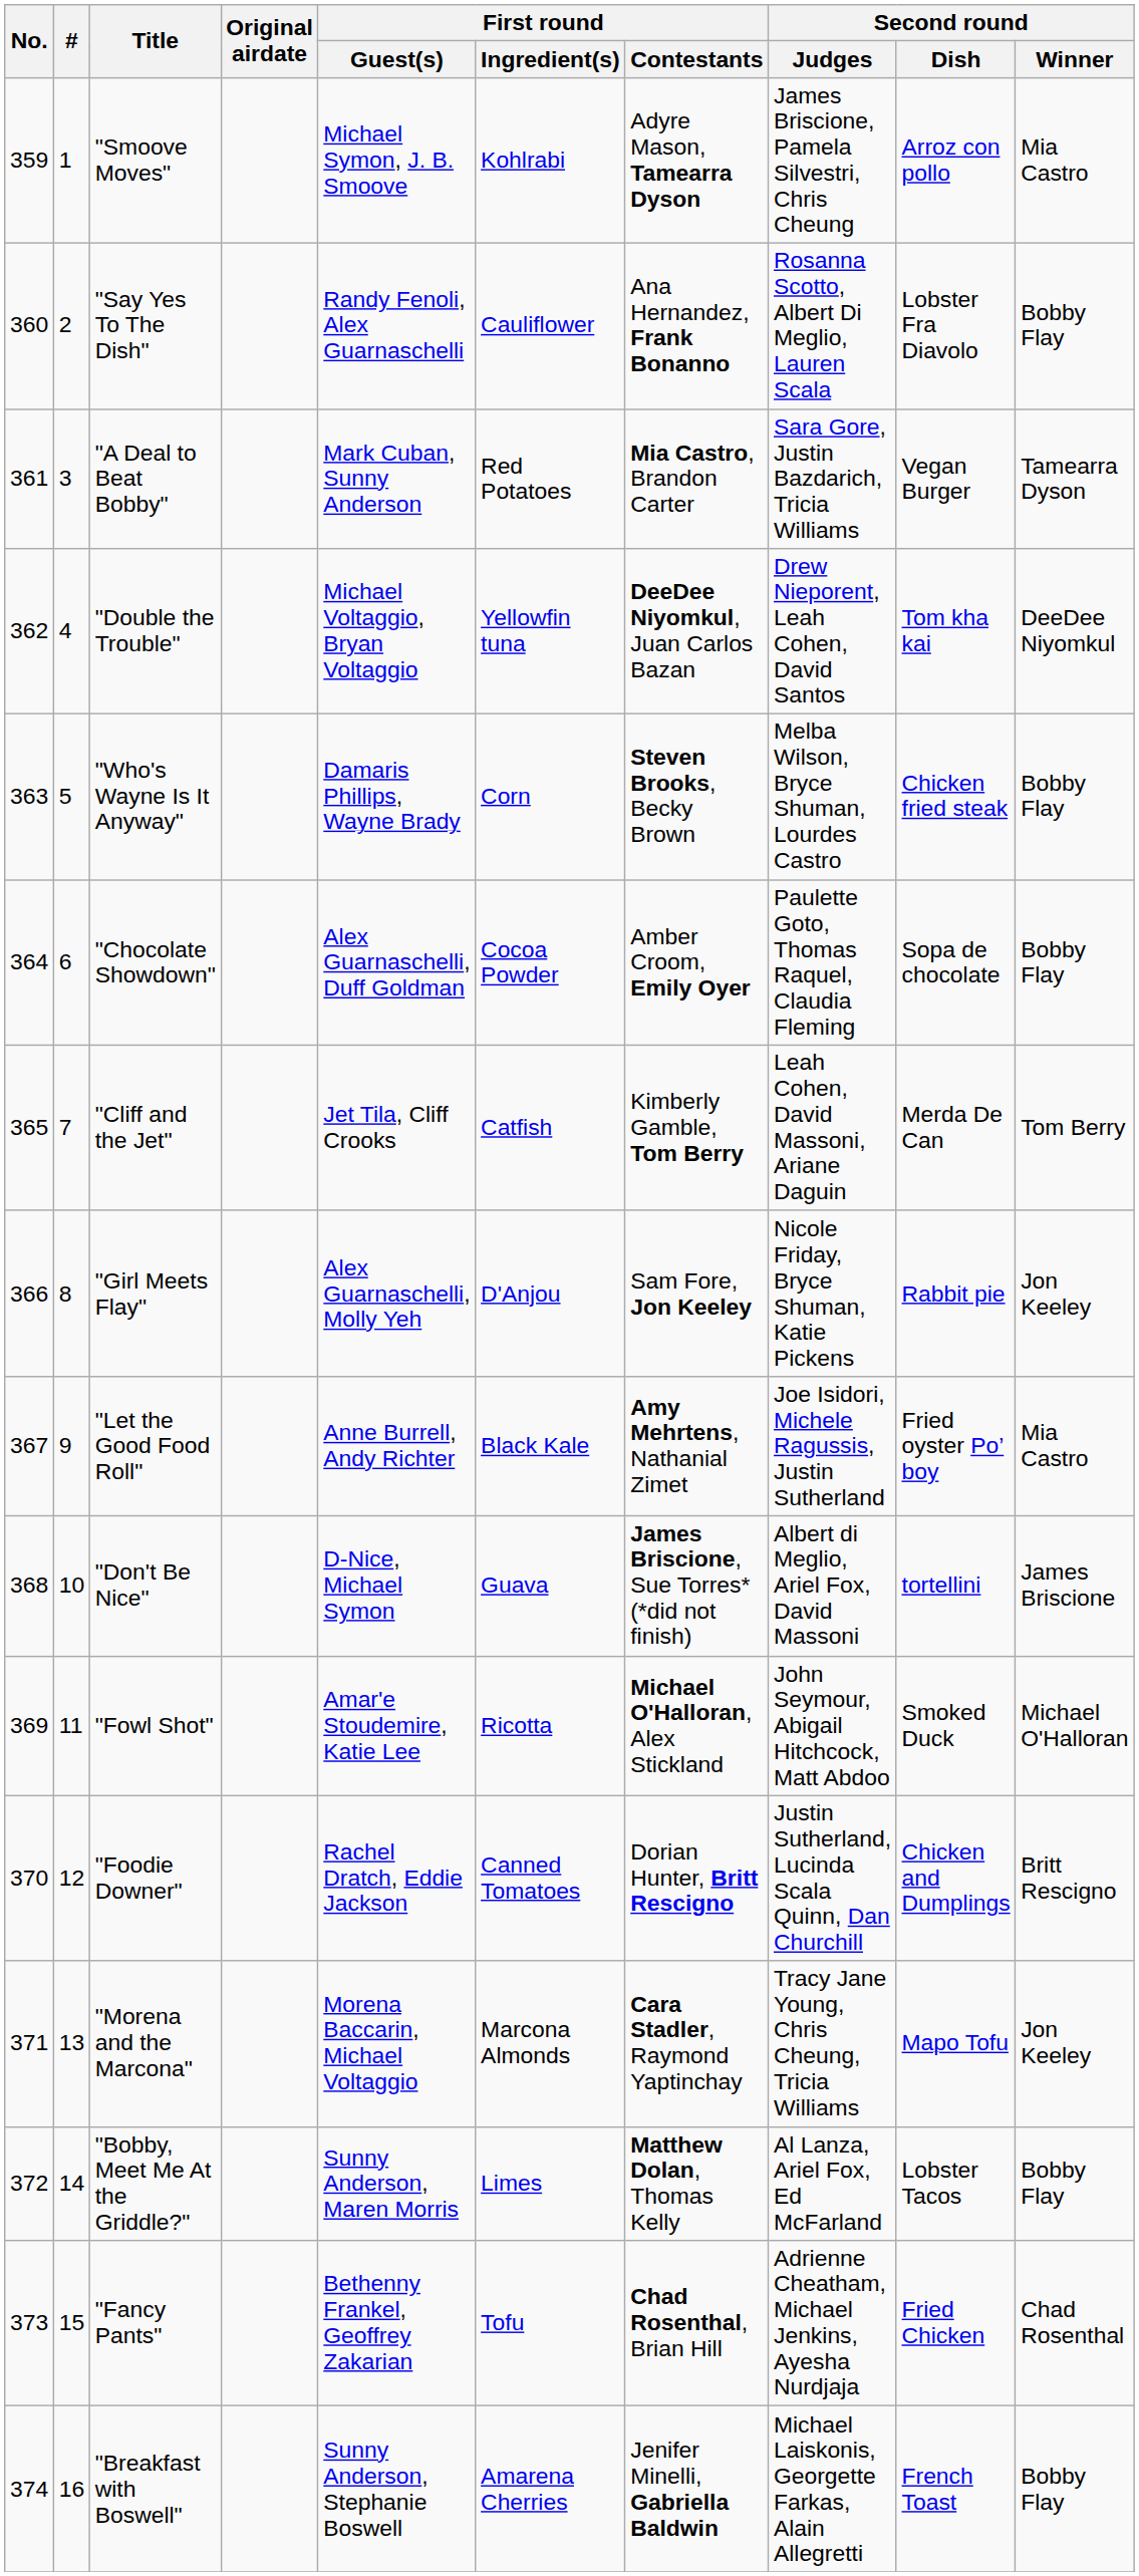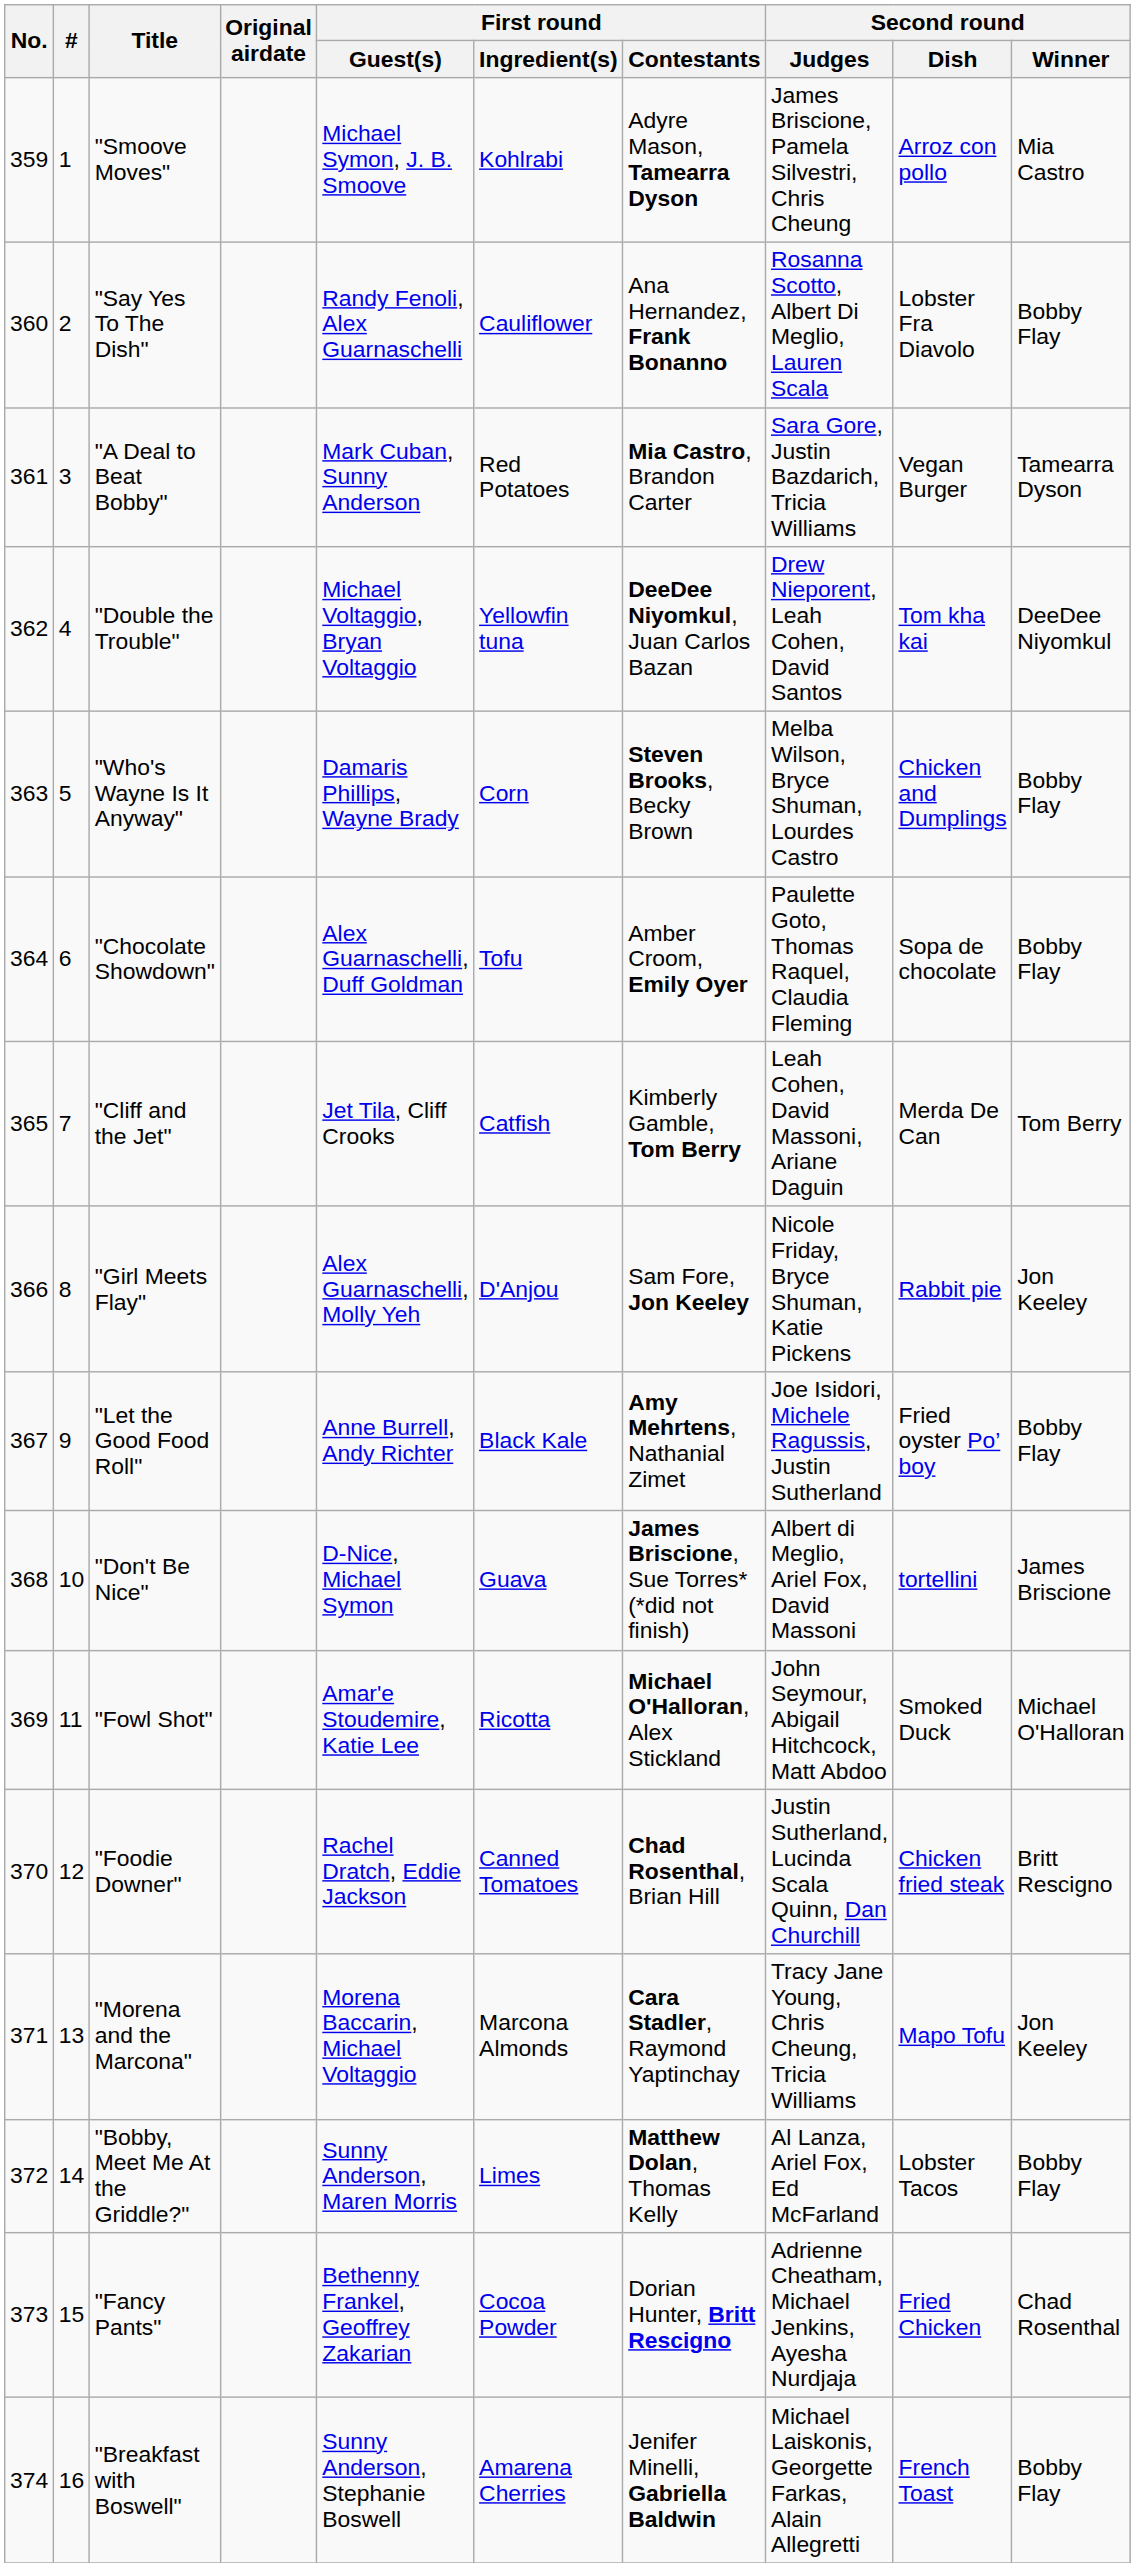 <table class="wikitable">
 <tr>
 <th rowspan="2">No.</th>
 <th rowspan="2">#</th>
 <th rowspan="2">Title</th>
 <th rowspan="2">Original airdate</th>
 <th colspan="3">First round</th>
 <th colspan="3">Second round</th>
 </tr>
 <tr>
 <th>Guest(s)</th>
 <th>Ingredient(s)</th>
 <th>Contestants</th>
 <th>Judges</th>
 <th>Dish</th>
 <th>Winner</th>
 </tr>
 <tr>
 <td>359</td>
 <td>1</td>
 <td>"Smoove Moves"</td>
 <td></td>
 <td><a href='#'>Michael Symon</a>, <a href='#'>J. B. Smoove</a></td>
 <td><a href='#'>Kohlrabi</a></td>
 <td>Adyre Mason, <strong>Tamearra Dyson</strong></td>
 <td>James Briscione, Pamela Silvestri, Chris Cheung</td>
 <td><a href='#'>Arroz con pollo</a></td>
 <td>Mia Castro</td>
 </tr>
 <tr>
 <td>360</td>
 <td>2</td>
 <td>"Say Yes To The Dish"</td>
 <td></td>
 <td><a href='#'>Randy Fenoli</a>, <a href='#'>Alex Guarnaschelli</a></td>
 <td><a href='#'>Cauliflower</a></td>
 <td>Ana Hernandez, <strong>Frank Bonanno</strong></td>
 <td><a href='#'>Rosanna Scotto</a>, Albert Di Meglio, <a href='#'>Lauren Scala</a></td>
 <td>Lobster Fra Diavolo</td>
 <td>Bobby Flay</td>
 </tr>
 <tr>
 <td>361</td>
 <td>3</td>
 <td>"A Deal to Beat Bobby"</td>
 <td></td>
 <td><a href='#'>Mark Cuban</a>, <a href='#'>Sunny Anderson</a></td>
 <td>Red Potatoes</td>
 <td><strong>Mia Castro</strong>, Brandon Carter</td>
 <td><a href='#'>Sara Gore</a>, Justin Bazdarich, Tricia Williams</td>
 <td>Vegan Burger</td>
 <td>Tamearra Dyson</td>
 </tr>
 <tr>
 <td>362</td>
 <td>4</td>
 <td>"Double the Trouble"</td>
 <td></td>
 <td><a href='#'>Michael Voltaggio</a>, <a href='#'>Bryan Voltaggio</a></td>
 <td><a href='#'>Yellowfin tuna</a></td>
 <td><strong>DeeDee Niyomkul</strong>, Juan Carlos Bazan</td>
 <td><a href='#'>Drew Nieporent</a>, Leah Cohen, David Santos</td>
 <td><a href='#'>Tom kha kai</a></td>
 <td>DeeDee Niyomkul</td>
 </tr>
 <tr>
 <td>363</td>
 <td>5</td>
 <td>"Who's Wayne Is It Anyway"</td>
 <td></td>
 <td><a href='#'>Damaris Phillips</a>, <a href='#'>Wayne Brady</a></td>
 <td><a href='#'>Corn</a></td>
 <td><strong>Steven Brooks</strong>, Becky Brown</td>
 <td>Melba Wilson, Bryce Shuman, Lourdes Castro</td>
-<td><a href='#'>Chicken fried steak</a></td>
+<td><a href='#'>Chicken and Dumplings</a></td>
 <td>Bobby Flay</td>
 </tr>
 <tr>
 <td>364</td>
 <td>6</td>
 <td>"Chocolate Showdown"</td>
 <td></td>
 <td><a href='#'>Alex Guarnaschelli</a>, <a href='#'>Duff Goldman</a></td>
-<td><a href='#'>Cocoa Powder</a></td>
+<td><a href='#'>Tofu</a></td>
 <td>Amber Croom, <strong>Emily Oyer</strong></td>
 <td>Paulette Goto, Thomas Raquel, Claudia Fleming</td>
 <td>Sopa de chocolate</td>
 <td>Bobby Flay</td>
 </tr>
 <tr>
 <td>365</td>
 <td>7</td>
 <td>"Cliff and the Jet"</td>
 <td></td>
 <td><a href='#'>Jet Tila</a>, Cliff Crooks</td>
 <td><a href='#'>Catfish</a></td>
 <td>Kimberly Gamble, <strong>Tom Berry</strong></td>
 <td>Leah Cohen, David Massoni, Ariane Daguin</td>
 <td>Merda De Can</td>
 <td>Tom Berry</td>
 </tr>
 <tr>
 <td>366</td>
 <td>8</td>
 <td>"Girl Meets Flay"</td>
 <td></td>
 <td><a href='#'>Alex Guarnaschelli</a>, <a href='#'>Molly Yeh</a></td>
 <td><a href='#'>D'Anjou</a></td>
 <td>Sam Fore, <strong>Jon Keeley</strong></td>
 <td>Nicole Friday, Bryce Shuman, Katie Pickens</td>
 <td><a href='#'>Rabbit pie</a></td>
 <td>Jon Keeley</td>
 </tr>
 <tr>
 <td>367</td>
 <td>9</td>
 <td>"Let the Good Food Roll"</td>
 <td></td>
 <td><a href='#'>Anne Burrell</a>, <a href='#'>Andy Richter</a></td>
 <td><a href='#'>Black Kale</a></td>
 <td><strong>Amy Mehrtens</strong>, Nathanial Zimet</td>
 <td>Joe Isidori, <a href='#'>Michele Ragussis</a>, Justin Sutherland</td>
 <td>Fried oyster <a href='#'>Po’ boy</a></td>
-<td>Mia Castro</td>
+<td>Bobby Flay</td>
 </tr>
 <tr>
 <td>368</td>
 <td>10</td>
 <td>"Don't Be Nice"</td>
 <td></td>
 <td><a href='#'>D-Nice</a>, <a href='#'>Michael Symon</a></td>
 <td><a href='#'>Guava</a></td>
 <td><strong>James Briscione</strong>,<br>Sue Torres* (*did not finish)</td>
 <td>Albert di Meglio, Ariel Fox, David Massoni</td>
 <td><a href='#'>tortellini</a></td>
 <td>James Briscione</td>
 </tr>
 <tr>
 <td>369</td>
 <td>11</td>
 <td>"Fowl Shot"</td>
 <td></td>
 <td><a href='#'>Amar'e Stoudemire</a>, <a href='#'>Katie Lee</a></td>
 <td><a href='#'>Ricotta</a></td>
 <td><strong>Michael O'Halloran</strong>, Alex Stickland</td>
 <td>John Seymour, Abigail Hitchcock, Matt Abdoo</td>
 <td>Smoked Duck</td>
 <td>Michael O'Halloran</td>
 </tr>
 <tr>
 <td>370</td>
 <td>12</td>
 <td>"Foodie Downer"</td>
 <td></td>
 <td><a href='#'>Rachel Dratch</a>, <a href='#'>Eddie Jackson</a></td>
 <td><a href='#'>Canned Tomatoes</a></td>
-<td>Dorian Hunter, <strong><a href='#'>Britt Rescigno</a></strong></td>
+<td><strong>Chad Rosenthal</strong>, Brian Hill</td>
 <td>Justin Sutherland, Lucinda Scala Quinn, <a href='#'>Dan Churchill</a></td>
-<td><a href='#'>Chicken and Dumplings</a></td>
+<td><a href='#'>Chicken fried steak</a></td>
 <td>Britt Rescigno</td>
 </tr>
 <tr>
 <td>371</td>
 <td>13</td>
 <td>"Morena and the Marcona"</td>
 <td></td>
 <td><a href='#'>Morena Baccarin</a>, <a href='#'>Michael Voltaggio</a></td>
 <td>Marcona Almonds</td>
 <td><strong>Cara Stadler</strong>, Raymond Yaptinchay</td>
 <td>Tracy Jane Young, Chris Cheung, Tricia Williams</td>
 <td><a href='#'>Mapo Tofu</a></td>
 <td>Jon Keeley</td>
 </tr>
 <tr>
 <td>372</td>
 <td>14</td>
 <td>"Bobby, Meet Me At the Griddle?"</td>
 <td></td>
 <td><a href='#'>Sunny Anderson</a>, <a href='#'>Maren Morris</a></td>
 <td><a href='#'>Limes</a></td>
 <td><strong>Matthew Dolan</strong>, Thomas Kelly</td>
 <td>Al Lanza, Ariel Fox, Ed McFarland</td>
 <td>Lobster Tacos</td>
 <td>Bobby Flay</td>
 </tr>
 <tr>
 <td>373</td>
 <td>15</td>
 <td>"Fancy Pants"</td>
 <td></td>
 <td><a href='#'>Bethenny Frankel</a>, <a href='#'>Geoffrey Zakarian</a></td>
-<td><a href='#'>Tofu</a></td>
-<td><strong>Chad Rosenthal</strong>, Brian Hill</td>
+<td><a href='#'>Cocoa Powder</a></td>
+<td>Dorian Hunter, <strong><a href='#'>Britt Rescigno</a></strong></td>
 <td>Adrienne Cheatham, Michael Jenkins, Ayesha Nurdjaja</td>
 <td><a href='#'>Fried Chicken</a></td>
 <td>Chad Rosenthal</td>
 </tr>
 <tr>
 <td>374</td>
 <td>16</td>
 <td>"Breakfast with Boswell"</td>
 <td></td>
 <td><a href='#'>Sunny Anderson</a>, Stephanie Boswell</td>
 <td><a href='#'>Amarena Cherries</a></td>
 <td>Jenifer Minelli, <strong>Gabriella Baldwin</strong></td>
 <td>Michael Laiskonis, Georgette Farkas, Alain Allegretti</td>
 <td><a href='#'>French Toast</a></td>
 <td>Bobby Flay</td>
 </tr>
 </table>
